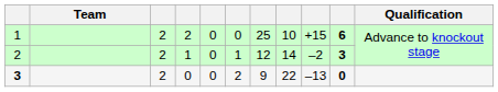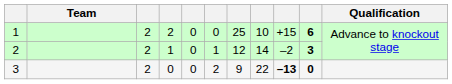 <table class="wikitable" style="text-align: center;">
 <tr>
 <th width="25"></th>
 <th width="150">Team</th>
 <th width="25"></th>
 <th width="25"></th>
 <th width="25"></th>
 <th width="25"></th>
 <th width="25"></th>
 <th width="25"></th>
 <th width="25"></th>
 <th width="25"></th>
 <th width="170">Qualification</th>
 </tr>
 <tr align=center style="background:#ccffcc;">
 <td>1</td>
 <td style="text-align:left;"></td>
 <td>2</td>
 <td>2</td>
 <td>0</td>
 <td>0</td>
 <td>25</td>
 <td>10</td>
 <td>+15</td>
 <td><strong>6</strong></td>
 <td rowspan="2">Advance to <a href='#'>knockout stage</a></td>
 </tr>
 <tr align=center style="background:#ccffcc;">
 <td>2</td>
 <td style="text-align:left;"></td>
 <td>2</td>
 <td>1</td>
 <td>0</td>
 <td>1</td>
 <td>12</td>
 <td>14</td>
 <td>–2</td>
 <td><strong>3</strong></td>
 </tr>
 <tr align=center style="background:#f5f5f5;">
-<td><strong>3</strong></td>
+<td>3</td>
 <td style="text-align:left;"></td>
 <td>2</td>
 <td>0</td>
 <td>0</td>
 <td>2</td>
 <td>9</td>
 <td>22</td>
-<td>–13</td>
+<td><strong>–13</strong></td>
 <td><strong>0</strong></td>
 <td></td>
 </tr>
 </table>
